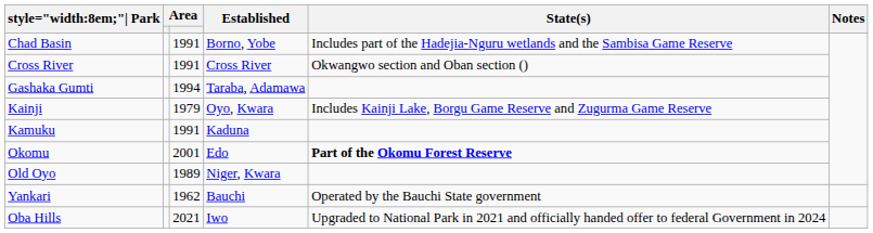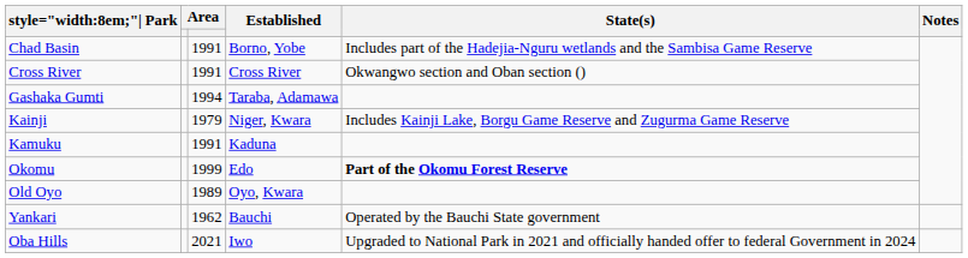 <table class="wikitable sortable">
 <tr>
 <th rowspan=2>style="width:8em;"| Park</th>
 <th colspan=2>Area</th>
 <th rowspan=2>Established</th>
 <th rowspan=2>State(s)</th>
 <th rowspan=2>Notes</th>
 </tr>
 <tr>
 <th></th>
 <th></th>
 </tr>
 <tr>
 <td><a href='#'>Chad Basin</a></td>
 <td></td>
 <td>1991</td>
 <td><a href='#'>Borno</a>, <a href='#'>Yobe</a></td>
 <td>Includes part of the <a href='#'>Hadejia-Nguru wetlands</a> and the <a href='#'>Sambisa Game Reserve</a></td>
 </tr>
 <tr>
 <td><a href='#'>Cross River</a></td>
 <td></td>
 <td>1991</td>
 <td><a href='#'>Cross River</a></td>
 <td>Okwangwo section and Oban section ()</td>
 </tr>
 <tr>
 <td><a href='#'>Gashaka Gumti</a></td>
 <td></td>
 <td>1994</td>
 <td><a href='#'>Taraba</a>, <a href='#'>Adamawa</a></td>
 <td></td>
 </tr>
 <tr>
 <td><a href='#'>Kainji</a></td>
 <td></td>
 <td>1979</td>
-<td><a href='#'>Oyo</a>, <a href='#'>Kwara</a></td>
+<td><a href='#'>Niger</a>, <a href='#'>Kwara</a></td>
 <td>Includes <a href='#'>Kainji Lake</a>, <a href='#'>Borgu Game Reserve</a> and <a href='#'>Zugurma Game Reserve</a></td>
 </tr>
 <tr>
 <td><a href='#'>Kamuku</a></td>
 <td></td>
 <td>1991</td>
 <td><a href='#'>Kaduna</a></td>
 <td></td>
 </tr>
 <tr>
 <td><a href='#'>Okomu</a></td>
 <td></td>
-<td>2001</td>
+<td>1999</td>
 <td><a href='#'>Edo</a></td>
 <td><strong>Part of the <a href='#'>Okomu Forest Reserve</a></strong></td>
 </tr>
 <tr>
 <td><a href='#'>Old Oyo</a></td>
 <td></td>
 <td>1989</td>
-<td><a href='#'>Niger</a>, <a href='#'>Kwara</a></td>
+<td><a href='#'>Oyo</a>, <a href='#'>Kwara</a></td>
 <td></td>
 </tr>
 <tr>
 <td><a href='#'>Yankari</a></td>
 <td></td>
 <td>1962</td>
 <td><a href='#'>Bauchi</a></td>
 <td>Operated by the Bauchi State government</td>
 <td></td>
 </tr>
 <tr>
 <td><a href='#'>Oba Hills</a></td>
 <td></td>
 <td>2021</td>
 <td><a href='#'>Iwo</a></td>
 <td>Upgraded to National Park in 2021 and officially handed offer to federal Government in 2024</td>
 </tr>
 </table>
